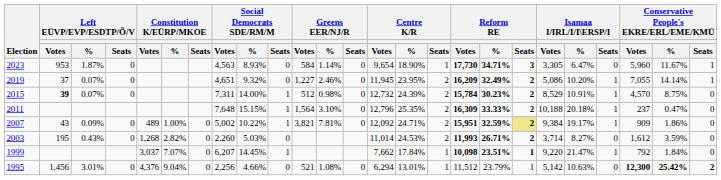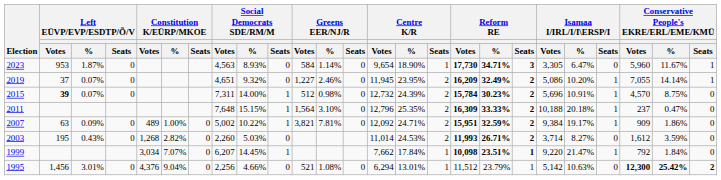 <table class="wikitable" border="1" style="font-size:80%; text-align:right;">
 <tr>
 <th style="text-align:left;" valign=bottom rowspan=3>Election</th>
 <th valign=bottom colspan=3><a href='#'>Left</a><br>EÜVP/EVP/ESDTP/Õ/V</th>
 <th valign=bottom colspan=3><a href='#'>Constitution</a><br>K/EÜRP/MKOE</th>
 <th valign=bottom colspan=3><a href='#'>Social<br>Democrats</a><br>SDE/RM/M</th>
 <th valign=bottom colspan=3><a href='#'>Greens</a><br>EER/NJ/R</th>
 <th valign=bottom colspan=3><a href='#'>Centre</a><br>K/R</th>
 <th valign=bottom colspan=3><a href='#'>Reform</a><br>RE</th>
 <th valign=bottom colspan=3><a href='#'>Isamaa</a><br>I/IRL/I/I\ERSP/I</th>
 <th valign=bottom colspan=3><a href='#'>Conservative<br>People's</a><br>EKRE/ERL/EME/KMÜ</th>
 </tr>
 <tr>
 <th colspan=3 style="background:"></th>
 <th colspan=3 style="background:"></th>
 <th colspan=3 style="background:"></th>
 <th colspan=3 style="background:"></th>
 <th colspan=3 style="background:"></th>
 <th colspan=3 style="background:"></th>
 <th colspan=3 style="background:"></th>
 <th colspan=3 style="background:"></th>
 </tr>
 <tr>
 <th>Votes</th>
 <th>%</th>
 <th>Seats</th>
 <th>Votes</th>
 <th>%</th>
 <th>Seats</th>
 <th>Votes</th>
 <th>%</th>
 <th>Seats</th>
 <th>Votes</th>
 <th>%</th>
 <th>Seats</th>
 <th>Votes</th>
 <th>%</th>
 <th>Seats</th>
 <th>Votes</th>
 <th>%</th>
 <th>Seats</th>
 <th>Votes</th>
 <th>%</th>
 <th>Seats</th>
 <th>Votes</th>
 <th>%</th>
 <th>Seats</th>
 </tr>
 <tr>
 <td align=left><a href='#'>2023</a></td>
 <td>953</td>
 <td>1.87%</td>
 <td>0</td>
 <td></td>
 <td></td>
 <td></td>
 <td>4,563</td>
 <td>8.93%</td>
 <td>0</td>
 <td>584</td>
 <td>1.14%</td>
 <td>0</td>
 <td>9,654</td>
 <td>18.90%</td>
 <td>1</td>
 <td><strong>17,730</strong></td>
 <td><strong>34.71%</strong></td>
 <td><strong>3</strong></td>
 <td>3,305</td>
 <td>6.47%</td>
 <td>0</td>
 <td>5,960</td>
 <td>11.67%</td>
 <td>1</td>
 </tr>
 <tr>
 <td align=left><a href='#'>2019</a></td>
 <td>37</td>
 <td>0.07%</td>
 <td>0</td>
 <td></td>
 <td></td>
 <td></td>
 <td>4,651</td>
 <td>9.32%</td>
 <td>0</td>
 <td>1,227</td>
 <td>2.46%</td>
 <td>0</td>
 <td>11,945</td>
 <td>23.95%</td>
 <td>2</td>
 <td><strong>16,209</strong></td>
 <td><strong>32.49%</strong></td>
 <td><strong>2</strong></td>
 <td>5,086</td>
 <td>10.20%</td>
 <td>1</td>
 <td>7,055</td>
 <td>14.14%</td>
 <td>1</td>
 </tr>
 <tr>
 <td align=left><a href='#'>2015</a></td>
 <td><strong>39</strong></td>
 <td>0.07%</td>
 <td>0</td>
 <td></td>
 <td></td>
 <td></td>
 <td>7,311</td>
 <td>14.00%</td>
 <td>1</td>
 <td>512</td>
 <td>0.98%</td>
 <td>0</td>
 <td>12,732</td>
 <td>24.39%</td>
 <td>2</td>
 <td><strong>15,784</strong></td>
 <td><strong>30.23%</strong></td>
 <td><strong>2</strong></td>
-<td>8,529</td>
+<td>5,696</td>
 <td>10.91%</td>
 <td>1</td>
 <td>4,570</td>
 <td>8.75%</td>
 <td>0</td>
 </tr>
 <tr>
 <td align=left><a href='#'>2011</a></td>
 <td></td>
 <td></td>
 <td></td>
 <td></td>
 <td></td>
 <td></td>
 <td>7,648</td>
 <td>15.15%</td>
 <td>1</td>
 <td>1,564</td>
 <td>3.10%</td>
 <td>0</td>
 <td>12,796</td>
 <td>25.35%</td>
 <td>2</td>
 <td><strong>16,309</strong></td>
 <td><strong>33.33%</strong></td>
 <td><strong>2</strong></td>
 <td>10,188</td>
 <td>20.18%</td>
 <td>1</td>
 <td>237</td>
 <td>0.47%</td>
 <td>0</td>
 </tr>
 <tr>
 <td align=left><a href='#'>2007</a></td>
-<td>43</td>
+<td>63</td>
 <td>0.09%</td>
 <td>0</td>
 <td>489</td>
 <td>1.00%</td>
 <td>0</td>
 <td>5,002</td>
 <td>10.22%</td>
 <td>1</td>
 <td>3,821</td>
 <td>7.81%</td>
 <td>0</td>
 <td>12,092</td>
 <td>24.71%</td>
 <td>2</td>
 <td><strong>15,951</strong></td>
 <td><strong>32.59%</strong></td>
-<td style="background: khaki;"><strong>2</strong></td>
+<td><strong>2</strong></td>
 <td>9,384</td>
 <td>19.17%</td>
 <td>1</td>
 <td>909</td>
 <td>1.86%</td>
 <td>0</td>
 </tr>
 <tr>
 <td align=left><a href='#'>2003</a></td>
 <td>195</td>
 <td>0.43%</td>
 <td>0</td>
 <td>1,268</td>
 <td>2.82%</td>
 <td>0</td>
 <td>2,260</td>
 <td>5.03%</td>
 <td>0</td>
 <td></td>
 <td></td>
 <td></td>
 <td>11,014</td>
 <td>24.53%</td>
 <td>2</td>
 <td><strong>11,993</strong></td>
 <td><strong>26.71%</strong></td>
 <td><strong>2</strong></td>
 <td>3,714</td>
 <td>8.27%</td>
 <td>0</td>
 <td>1,612</td>
 <td>3.59%</td>
 <td>0</td>
 </tr>
 <tr>
 <td align=left><a href='#'>1999</a></td>
 <td></td>
 <td></td>
 <td></td>
-<td>3,037</td>
+<td>3,034</td>
 <td>7.07%</td>
 <td>0</td>
 <td>6,207</td>
 <td>14.45%</td>
 <td>1</td>
 <td></td>
 <td></td>
 <td></td>
 <td>7,662</td>
 <td>17.84%</td>
 <td>1</td>
 <td><strong>10,098</strong></td>
 <td><strong>23.51%</strong></td>
 <td><strong>1</strong></td>
 <td>9,220</td>
 <td>21.47%</td>
 <td>1</td>
 <td>792</td>
 <td>1.84%</td>
 <td>0</td>
 </tr>
 <tr>
 <td align=left><a href='#'>1995</a></td>
 <td>1,456</td>
 <td>3.01%</td>
 <td>0</td>
 <td>4,376</td>
 <td>9.04%</td>
 <td>0</td>
 <td>2,256</td>
 <td>4.66%</td>
 <td>0</td>
 <td>521</td>
 <td>1.08%</td>
 <td>0</td>
 <td>6,294</td>
 <td>13.01%</td>
 <td>1</td>
 <td>11,512</td>
 <td>23.79%</td>
 <td>1</td>
 <td>5,142</td>
 <td>10.63%</td>
 <td>0</td>
 <td><strong>12,300</strong></td>
 <td><strong>25.42%</strong></td>
 <td><strong>2</strong></td>
 </tr>
 </table>
